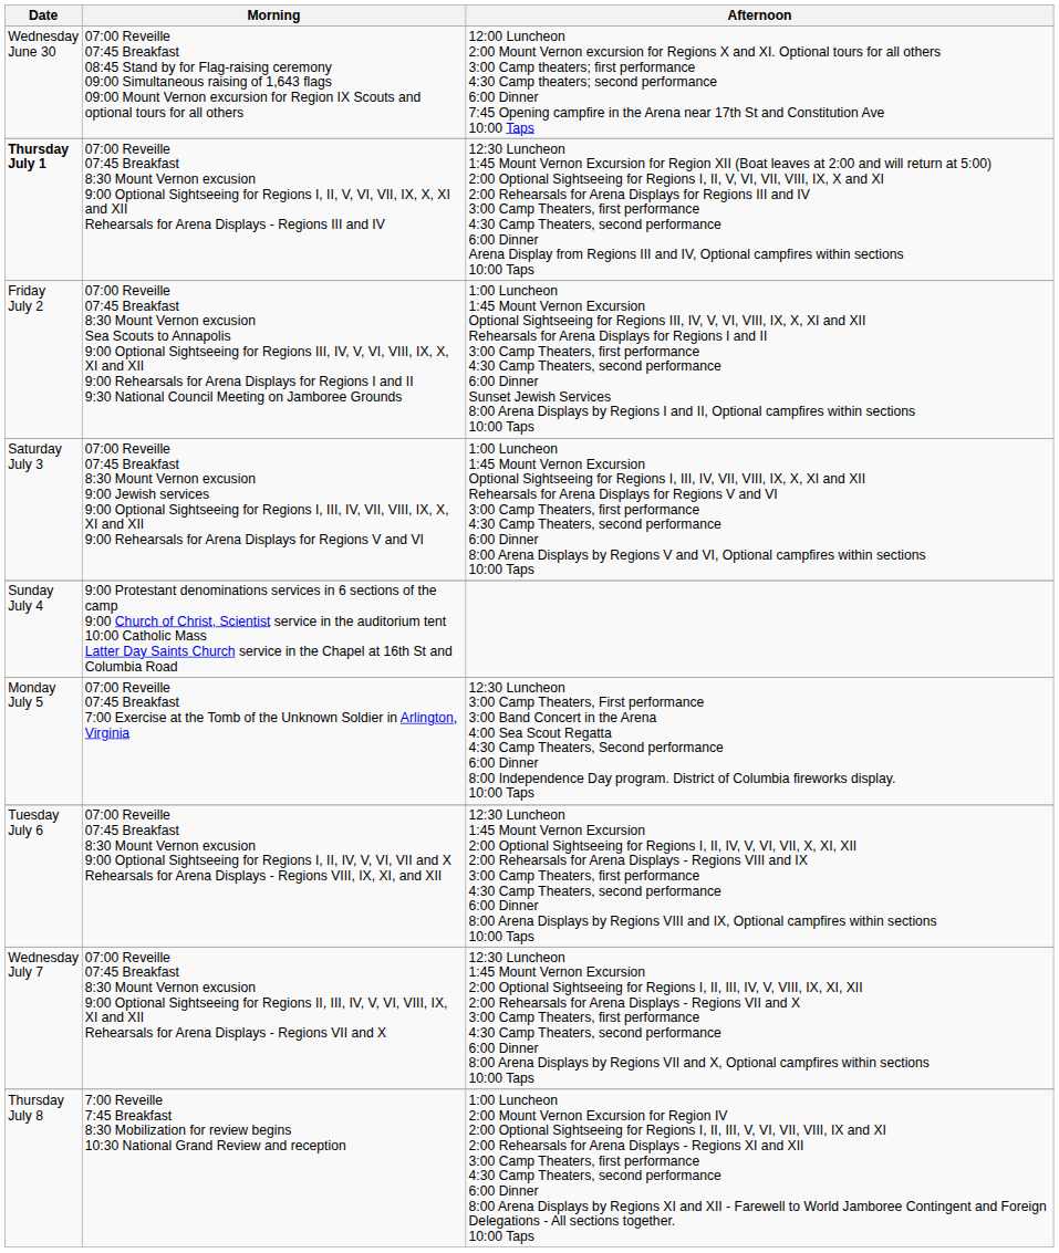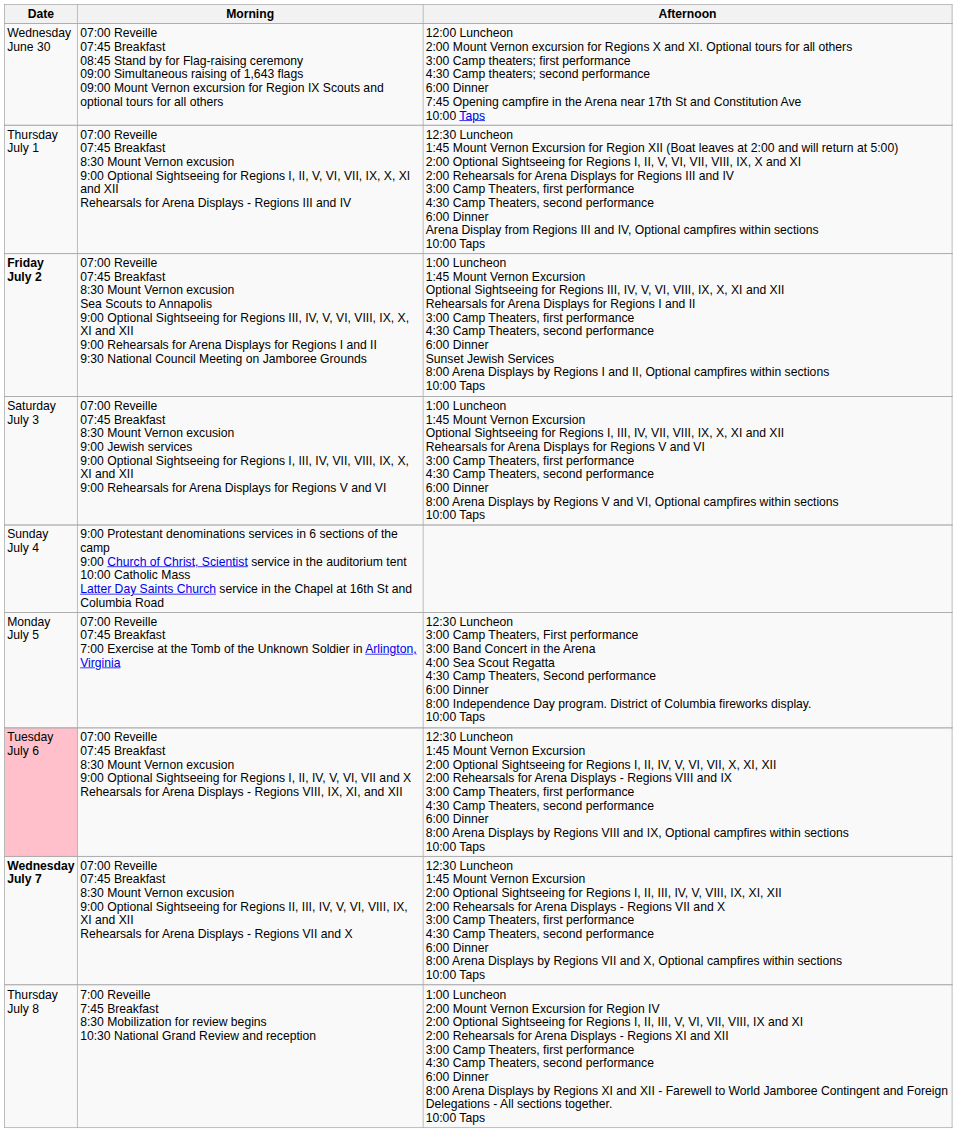 <table class="wikitable">
 <tr>
 <th scope=col>Date</th>
 <th scope=col>Morning</th>
 <th scope=col>Afternoon</th>
 </tr>
 <tr>
 </tr>
 <tr style="vertical-align: top;">
 <td>Wednesday<br>June 30</td>
 <td>07:00 Reveille<br>07:45 Breakfast<br>08:45 Stand by for Flag-raising ceremony<br>09:00 Simultaneous raising of 1,643 flags<br>09:00 Mount Vernon excursion for Region IX Scouts and optional tours for all others</td>
 <td>12:00 Luncheon<br>2:00 Mount Vernon excursion for Regions X and XI. Optional tours for all others<br>3:00 Camp theaters; first performance<br>4:30 Camp theaters; second performance<br>6:00 Dinner<br>7:45 Opening campfire in the Arena near 17th St and Constitution Ave<br>10:00 <a href='#'>Taps</a></td>
 </tr>
 <tr>
 </tr>
 <tr style="vertical-align: top;">
-<td><strong>Thursday<br>July 1</strong></td>
+<td>Thursday<br>July 1</td>
 <td>07:00 Reveille<br>07:45 Breakfast<br>8:30 Mount Vernon excusion<br>9:00 Optional Sightseeing for Regions I, II, V, VI, VII, IX, X, XI and XII<br> Rehearsals for Arena Displays - Regions III and IV</td>
 <td>12:30 Luncheon<br>1:45 Mount Vernon Excursion for Region XII (Boat leaves at 2:00 and will return at 5:00)<br>2:00 Optional Sightseeing for Regions I, II, V, VI, VII, VIII, IX, X and XI<br>2:00 Rehearsals for Arena Displays for Regions III and IV<br>3:00 Camp Theaters, first performance<br>4:30 Camp Theaters, second performance<br>6:00 Dinner<br> Arena Display from Regions III and IV, Optional campfires within sections<br>10:00 Taps</td>
 </tr>
 <tr>
 </tr>
 <tr style="vertical-align: top;">
-<td>Friday<br>July 2</td>
+<td><strong>Friday<br>July 2</strong></td>
 <td>07:00 Reveille<br>07:45 Breakfast<br>8:30 Mount Vernon excusion<br>Sea Scouts to Annapolis<br>9:00 Optional Sightseeing for Regions III, IV, V, VI, VIII, IX, X, XI and XII<br>9:00 Rehearsals for Arena Displays for Regions I and II<br>9:30 National Council Meeting on Jamboree Grounds</td>
 <td>1:00 Luncheon<br>1:45 Mount Vernon Excursion<br>Optional Sightseeing for Regions III, IV, V, VI, VIII, IX, X, XI and XII<br>Rehearsals for Arena Displays for Regions I and II<br>3:00 Camp Theaters, first performance<br>4:30 Camp Theaters, second performance<br>6:00 Dinner<br>Sunset Jewish Services<br>8:00 Arena Displays by Regions I and II, Optional campfires within sections<br>10:00 Taps</td>
 </tr>
 <tr>
 </tr>
 <tr style="vertical-align: top;">
 <td>Saturday<br>July 3</td>
 <td>07:00 Reveille<br>07:45 Breakfast<br>8:30 Mount Vernon excusion<br>9:00 Jewish services<br>9:00 Optional Sightseeing for Regions I, III, IV, VII, VIII, IX, X, XI and XII<br>9:00 Rehearsals for Arena Displays for Regions V and VI<br></td>
 <td>1:00 Luncheon<br>1:45 Mount Vernon Excursion<br>Optional Sightseeing for Regions I, III, IV, VII, VIII, IX, X, XI and XII<br>Rehearsals for Arena Displays for Regions V and VI<br>3:00 Camp Theaters, first performance<br>4:30 Camp Theaters, second performance<br>6:00 Dinner<br>8:00 Arena Displays by Regions V and VI, Optional campfires within sections<br>10:00 Taps</td>
 </tr>
 <tr>
 </tr>
 <tr style="vertical-align: top;">
 <td>Sunday<br>July 4</td>
 <td>9:00 Protestant denominations services in 6 sections of the camp<br>9:00 <a href='#'>Church of Christ, Scientist</a> service in the auditorium tent<br>10:00 Catholic Mass<br><a href='#'>Latter Day Saints Church</a> service in the Chapel at 16th St and Columbia Road</td>
 <td></td>
 </tr>
 <tr>
 </tr>
 <tr style="vertical-align: top;">
 <td>Monday<br>July 5</td>
 <td>07:00 Reveille<br>07:45 Breakfast<br>7:00 Exercise at the Tomb of the Unknown Soldier in <a href='#'>Arlington, Virginia</a></td>
 <td>12:30 Luncheon<br>3:00 Camp Theaters, First performance<br>3:00 Band Concert in the Arena<br>4:00 Sea Scout Regatta<br>4:30 Camp Theaters, Second performance<br>6:00 Dinner<br>8:00 Independence Day program. District of Columbia fireworks display.<br>10:00 Taps</td>
 </tr>
 <tr>
 </tr>
 <tr style="vertical-align: top;">
-<td>Tuesday<br>July 6</td>
+<td style="background: pink;">Tuesday<br>July 6</td>
 <td>07:00 Reveille<br>07:45 Breakfast<br>8:30 Mount Vernon excusion<br>9:00 Optional Sightseeing for Regions I, II, IV, V, VI, VII and X<br>Rehearsals for Arena Displays - Regions VIII, IX, XI, and XII</td>
 <td>12:30 Luncheon<br>1:45 Mount Vernon Excursion<br>2:00 Optional Sightseeing for Regions I, II, IV, V, VI, VII, X, XI, XII<br>2:00 Rehearsals for Arena Displays - Regions VIII and IX<br>3:00 Camp Theaters, first performance<br>4:30 Camp Theaters, second performance<br>6:00 Dinner<br>8:00 Arena Displays by Regions VIII and IX, Optional campfires within sections<br>10:00 Taps</td>
 </tr>
 <tr>
 </tr>
 <tr style="vertical-align: top;">
-<td>Wednesday<br>July 7</td>
+<td><strong>Wednesday<br>July 7</strong></td>
 <td>07:00 Reveille<br>07:45 Breakfast<br>8:30 Mount Vernon excusion<br>9:00 Optional Sightseeing for Regions II, III, IV, V, VI, VIII, IX, XI and XII<br>Rehearsals for Arena Displays - Regions VII and X</td>
 <td>12:30 Luncheon<br>1:45 Mount Vernon Excursion<br>2:00 Optional Sightseeing for Regions I, II, III, IV, V, VIII, IX, XI, XII<br>2:00 Rehearsals for Arena Displays - Regions VII and X<br>3:00 Camp Theaters, first performance<br>4:30 Camp Theaters, second performance<br>6:00 Dinner<br>8:00 Arena Displays by Regions VII and X, Optional campfires within sections<br>10:00 Taps</td>
 </tr>
 <tr>
 </tr>
 <tr style="vertical-align: top;">
 <td>Thursday<br>July 8</td>
 <td>7:00 Reveille<br>7:45 Breakfast<br>8:30 Mobilization for review begins<br>10:30 National Grand Review and reception</td>
 <td>1:00 Luncheon<br>2:00 Mount Vernon Excursion for Region IV<br>2:00 Optional Sightseeing for Regions I, II, III, V, VI, VII, VIII, IX and XI<br>2:00 Rehearsals for Arena Displays - Regions XI and XII<br>3:00 Camp Theaters, first performance<br>4:30 Camp Theaters, second performance<br>6:00 Dinner<br>8:00 Arena Displays by Regions XI and XII - Farewell to World Jamboree Contingent and Foreign Delegations - All sections together.<br>10:00 Taps</td>
 </tr>
 </table>
